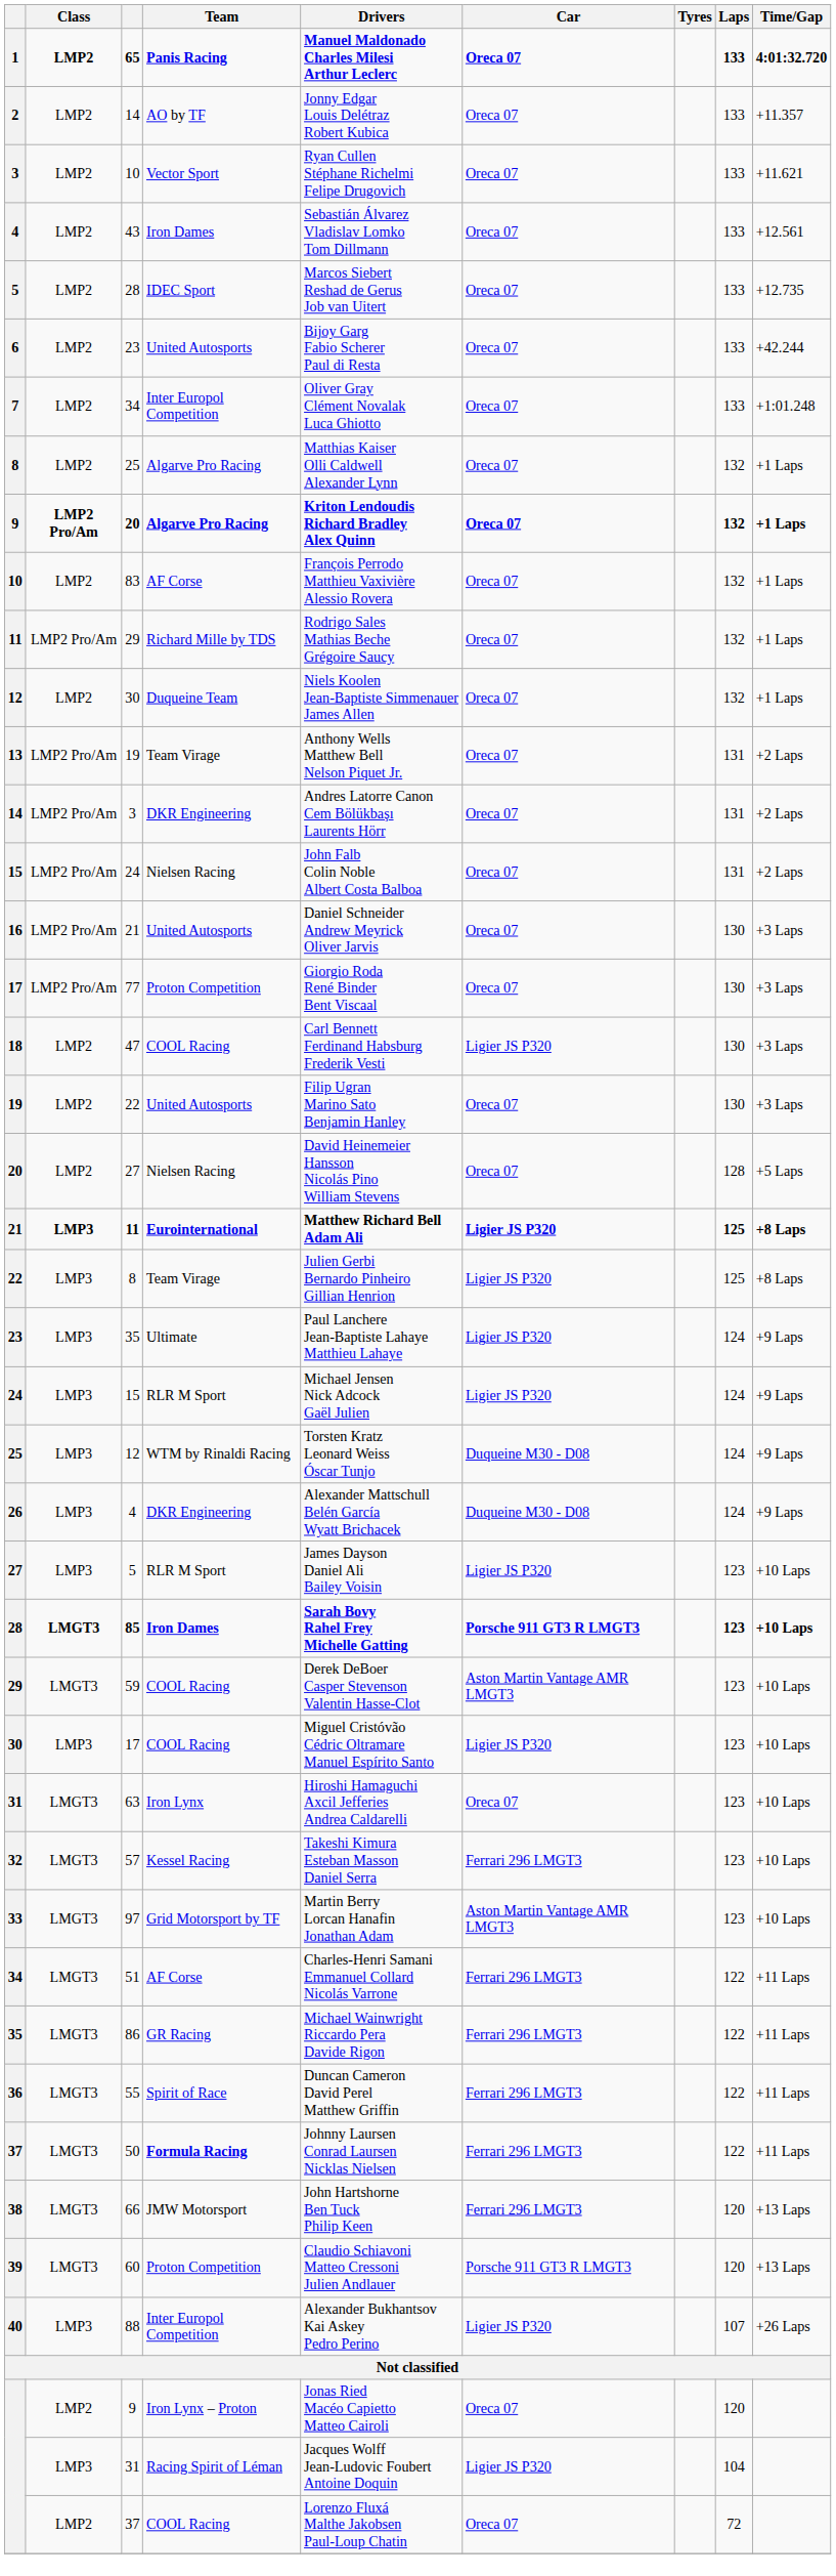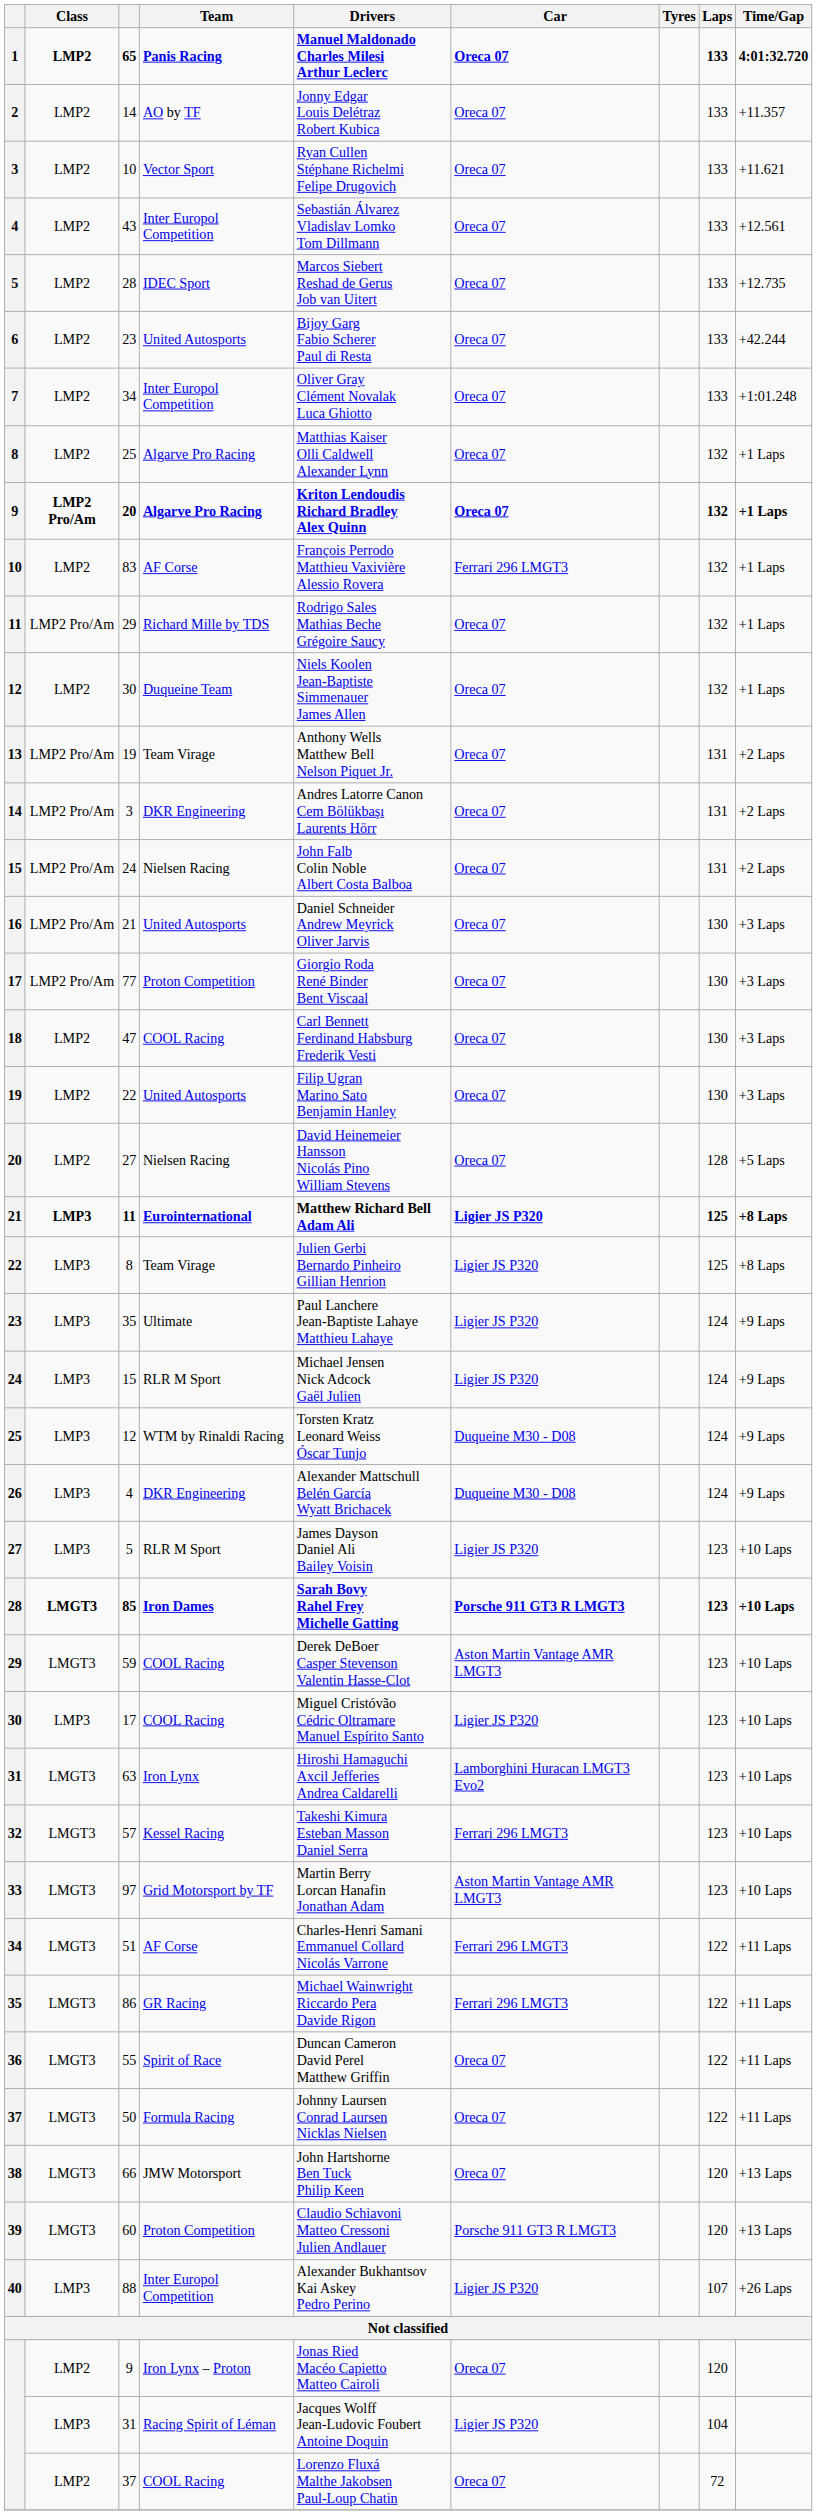 <table class="wikitable" style="font-size:95%;">
 <tr>
 <th></th>
 <th>Class</th>
 <th></th>
 <th>Team</th>
 <th>Drivers</th>
 <th>Car</th>
 <th>Tyres</th>
 <th>Laps</th>
 <th>Time/Gap</th>
 </tr>
 <tr style="font-weight: bold;">
 <th>1</th>
 <td align="center">LMP2</td>
 <td align="center">65</td>
 <td> <a href='#'>Panis Racing</a></td>
 <td> <a href='#'>Manuel Maldonado</a><br> <a href='#'>Charles Milesi</a><br> <a href='#'>Arthur Leclerc</a></td>
 <td><a href='#'>Oreca 07</a></td>
 <td align="center"></td>
 <td align="center">133</td>
 <td align="center">4:01:32.720</td>
 </tr>
 <tr>
 <th>2</th>
 <td align="center">LMP2</td>
 <td align="center">14</td>
 <td> <a href='#'>AO</a> by <a href='#'>TF</a></td>
 <td> <a href='#'>Jonny Edgar</a><br> <a href='#'>Louis Delétraz</a><br> <a href='#'>Robert Kubica</a></td>
 <td><a href='#'>Oreca 07</a></td>
 <td align="center"></td>
 <td align="center">133</td>
 <td>+11.357</td>
 </tr>
 <tr>
 <th>3</th>
 <td align="center">LMP2</td>
 <td align="center">10</td>
 <td> <a href='#'>Vector Sport</a></td>
 <td> <a href='#'>Ryan Cullen</a><br> <a href='#'>Stéphane Richelmi</a><br> <a href='#'>Felipe Drugovich</a></td>
 <td><a href='#'>Oreca 07</a></td>
 <td align="center"></td>
 <td align="center">133</td>
 <td>+11.621</td>
 </tr>
 <tr>
 <th>4</th>
 <td align="center">LMP2</td>
 <td align="center">43</td>
-<td> <a href='#'>Iron Dames</a></td>
+<td> <a href='#'>Inter Europol Competition</a></td>
 <td> <a href='#'>Sebastián Álvarez</a><br> <a href='#'>Vladislav Lomko</a><br> <a href='#'>Tom Dillmann</a></td>
 <td><a href='#'>Oreca 07</a></td>
 <td align="center"></td>
 <td align="center">133</td>
 <td>+12.561</td>
 </tr>
 <tr>
 <th>5</th>
 <td align="center">LMP2</td>
 <td align="center">28</td>
 <td> <a href='#'>IDEC Sport</a></td>
 <td> <a href='#'>Marcos Siebert</a><br> <a href='#'>Reshad de Gerus</a><br> <a href='#'>Job van Uitert</a></td>
 <td><a href='#'>Oreca 07</a></td>
 <td align="center"></td>
 <td align="center">133</td>
 <td>+12.735</td>
 </tr>
 <tr>
 <th>6</th>
 <td align="center">LMP2</td>
 <td align="center">23</td>
 <td> <a href='#'>United Autosports</a></td>
 <td> <a href='#'>Bijoy Garg</a><br> <a href='#'>Fabio Scherer</a><br> <a href='#'>Paul di Resta</a></td>
 <td><a href='#'>Oreca 07</a></td>
 <td align="center"></td>
 <td align="center">133</td>
 <td>+42.244</td>
 </tr>
 <tr>
 <th>7</th>
 <td align="center">LMP2</td>
 <td align="center">34</td>
 <td> <a href='#'>Inter Europol Competition</a></td>
 <td> <a href='#'>Oliver Gray</a><br> <a href='#'>Clément Novalak</a><br> <a href='#'>Luca Ghiotto</a></td>
 <td><a href='#'>Oreca 07</a></td>
 <td align="center"></td>
 <td align="center">133</td>
 <td>+1:01.248</td>
 </tr>
 <tr>
 <th>8</th>
 <td align="center">LMP2</td>
 <td align="center">25</td>
 <td> <a href='#'>Algarve Pro Racing</a></td>
 <td> <a href='#'>Matthias Kaiser</a><br> <a href='#'>Olli Caldwell</a><br> <a href='#'>Alexander Lynn</a></td>
 <td><a href='#'>Oreca 07</a></td>
 <td align="center"></td>
 <td align="center">132</td>
 <td>+1 Laps</td>
 </tr>
 <tr style="font-weight: bold;">
 <th>9</th>
 <td align="center">LMP2 Pro/Am</td>
 <td align="center">20</td>
 <td> <a href='#'>Algarve Pro Racing</a></td>
 <td> <a href='#'>Kriton Lendoudis</a><br> <a href='#'>Richard Bradley</a><br> <a href='#'>Alex Quinn</a></td>
 <td><a href='#'>Oreca 07</a></td>
 <td align="center"></td>
 <td align="center">132</td>
 <td>+1 Laps</td>
 </tr>
 <tr>
 <th>10</th>
 <td align="center">LMP2</td>
 <td align="center">83</td>
 <td> <a href='#'>AF Corse</a></td>
 <td> <a href='#'>François Perrodo</a><br> <a href='#'>Matthieu Vaxivière</a><br> <a href='#'>Alessio Rovera</a></td>
-<td><a href='#'>Oreca 07</a></td>
+<td><a href='#'>Ferrari 296 LMGT3</a></td>
 <td align="center"></td>
 <td align="center">132</td>
 <td>+1 Laps</td>
 </tr>
 <tr>
 <th>11</th>
 <td align="center">LMP2 Pro/Am</td>
 <td align="center">29</td>
 <td> <a href='#'>Richard Mille by TDS</a></td>
 <td> <a href='#'>Rodrigo Sales</a><br> <a href='#'>Mathias Beche</a><br> <a href='#'>Grégoire Saucy</a></td>
 <td><a href='#'>Oreca 07</a></td>
 <td align="center"></td>
 <td align="center">132</td>
 <td>+1 Laps</td>
 </tr>
 <tr>
 <th>12</th>
 <td align="center">LMP2</td>
 <td align="center">30</td>
 <td> <a href='#'>Duqueine Team</a></td>
 <td> <a href='#'>Niels Koolen</a><br> <a href='#'>Jean-Baptiste Simmenauer</a><br> <a href='#'>James Allen</a></td>
 <td><a href='#'>Oreca 07</a></td>
 <td align="center"></td>
 <td align="center">132</td>
 <td>+1 Laps</td>
 </tr>
 <tr>
 <th>13</th>
 <td align="center">LMP2 Pro/Am</td>
 <td align="center">19</td>
 <td> Team Virage</td>
 <td> Anthony Wells<br> Matthew Bell<br> <a href='#'>Nelson Piquet Jr.</a></td>
 <td><a href='#'>Oreca 07</a></td>
 <td align="center"></td>
 <td align="center">131</td>
 <td>+2 Laps</td>
 </tr>
 <tr>
 <th>14</th>
 <td align="center">LMP2 Pro/Am</td>
 <td align="center">3</td>
 <td> <a href='#'>DKR Engineering</a></td>
 <td> Andres Latorre Canon<br> <a href='#'>Cem Bölükbaşı</a><br> <a href='#'>Laurents Hörr</a></td>
 <td><a href='#'>Oreca 07</a></td>
 <td align="center"></td>
 <td align="center">131</td>
 <td>+2 Laps</td>
 </tr>
 <tr>
 <th>15</th>
 <td align="center">LMP2 Pro/Am</td>
 <td align="center">24</td>
 <td> Nielsen Racing</td>
 <td> <a href='#'>John Falb</a><br> Colin Noble<br> <a href='#'>Albert Costa Balboa</a></td>
 <td><a href='#'>Oreca 07</a></td>
 <td align="center"></td>
 <td align="center">131</td>
 <td>+2 Laps</td>
 </tr>
 <tr>
 <th>16</th>
 <td align="center">LMP2 Pro/Am</td>
 <td align="center">21</td>
 <td> <a href='#'>United Autosports</a></td>
 <td> Daniel Schneider<br> <a href='#'>Andrew Meyrick</a><br> <a href='#'>Oliver Jarvis</a></td>
 <td><a href='#'>Oreca 07</a></td>
 <td align="center"></td>
 <td align="center">130</td>
 <td>+3 Laps</td>
 </tr>
 <tr>
 <th>17</th>
 <td align="center">LMP2 Pro/Am</td>
 <td align="center">77</td>
 <td> <a href='#'>Proton Competition</a></td>
 <td> <a href='#'>Giorgio Roda</a><br> <a href='#'>René Binder</a><br> <a href='#'>Bent Viscaal</a></td>
 <td><a href='#'>Oreca 07</a></td>
 <td align="center"></td>
 <td align="center">130</td>
 <td>+3 Laps</td>
 </tr>
 <tr>
 <th>18</th>
 <td align="center">LMP2</td>
 <td align="center">47</td>
 <td> <a href='#'>COOL Racing</a></td>
 <td> <a href='#'>Carl Bennett</a><br> <a href='#'>Ferdinand Habsburg</a><br> <a href='#'>Frederik Vesti</a></td>
-<td><a href='#'>Ligier JS P320</a></td>
+<td><a href='#'>Oreca 07</a></td>
 <td align="center"></td>
 <td align="center">130</td>
 <td>+3 Laps</td>
 </tr>
 <tr>
 <th>19</th>
 <td align="center">LMP2</td>
 <td align="center">22</td>
 <td> <a href='#'>United Autosports</a></td>
 <td> <a href='#'>Filip Ugran</a><br> <a href='#'>Marino Sato</a><br> <a href='#'>Benjamin Hanley</a></td>
 <td><a href='#'>Oreca 07</a></td>
 <td align="center"></td>
 <td align="center">130</td>
 <td>+3 Laps</td>
 </tr>
 <tr>
 <th>20</th>
 <td align="center">LMP2</td>
 <td align="center">27</td>
 <td> Nielsen Racing</td>
 <td> <a href='#'>David Heinemeier Hansson</a><br> <a href='#'>Nicolás Pino</a><br> <a href='#'>William Stevens</a></td>
 <td><a href='#'>Oreca 07</a></td>
 <td align="center"></td>
 <td align="center">128</td>
 <td>+5 Laps</td>
 </tr>
 <tr style="font-weight: bold;">
 <th>21</th>
 <td align="center">LMP3</td>
 <td align="center">11</td>
 <td> <a href='#'>Eurointernational</a></td>
 <td> Matthew Richard Bell<br> <a href='#'>Adam Ali</a></td>
 <td><a href='#'>Ligier JS P320</a></td>
 <td align="center"></td>
 <td align="center">125</td>
 <td>+8 Laps</td>
 </tr>
 <tr>
 <th>22</th>
 <td align="center">LMP3</td>
 <td align="center">8</td>
 <td> Team Virage</td>
 <td> <a href='#'>Julien Gerbi</a><br> <a href='#'>Bernardo Pinheiro</a><br> <a href='#'>Gillian Henrion</a></td>
 <td><a href='#'>Ligier JS P320</a></td>
 <td align="center"></td>
 <td align="center">125</td>
 <td>+8 Laps</td>
 </tr>
 <tr>
 <th>23</th>
 <td align="center">LMP3</td>
 <td align="center">35</td>
 <td> Ultimate</td>
 <td> Paul Lanchere<br> Jean-Baptiste Lahaye<br> <a href='#'>Matthieu Lahaye</a></td>
 <td><a href='#'>Ligier JS P320</a></td>
 <td align="center"></td>
 <td align="center">124</td>
 <td>+9 Laps</td>
 </tr>
 <tr>
 <th>24</th>
 <td align="center">LMP3</td>
 <td align="center">15</td>
 <td> RLR M Sport</td>
 <td> Michael Jensen<br> Nick Adcock<br> <a href='#'>Gaël Julien</a></td>
 <td><a href='#'>Ligier JS P320</a></td>
 <td align="center"></td>
 <td align="center">124</td>
 <td>+9 Laps</td>
 </tr>
 <tr>
 <th>25</th>
 <td align="center">LMP3</td>
 <td align="center">12</td>
 <td> WTM by Rinaldi Racing</td>
 <td> Torsten Kratz<br> Leonard Weiss<br> <a href='#'>Óscar Tunjo</a></td>
 <td><a href='#'>Duqueine M30 - D08</a></td>
 <td align="center"></td>
 <td align="center">124</td>
 <td>+9 Laps</td>
 </tr>
 <tr>
 <th>26</th>
 <td align="center">LMP3</td>
 <td align="center">4</td>
 <td> <a href='#'>DKR Engineering</a></td>
 <td> Alexander Mattschull<br> <a href='#'>Belén García</a><br> <a href='#'>Wyatt Brichacek</a></td>
 <td><a href='#'>Duqueine M30 - D08</a></td>
 <td align="center"></td>
 <td align="center">124</td>
 <td>+9 Laps</td>
 </tr>
 <tr>
 <th>27</th>
 <td align="center">LMP3</td>
 <td align="center">5</td>
 <td> RLR M Sport</td>
 <td> James Dayson<br> Daniel Ali<br> <a href='#'>Bailey Voisin</a></td>
 <td><a href='#'>Ligier JS P320</a></td>
 <td align="center"></td>
 <td align="center">123</td>
 <td>+10 Laps</td>
 </tr>
 <tr style="font-weight: bold;">
 <th>28</th>
 <td align="center">LMGT3</td>
 <td align="center">85</td>
 <td> <a href='#'>Iron Dames</a></td>
 <td> <a href='#'>Sarah Bovy</a><br> <a href='#'>Rahel Frey</a><br> <a href='#'>Michelle Gatting</a></td>
 <td><a href='#'>Porsche 911 GT3 R LMGT3</a></td>
 <td align="center"></td>
 <td align="center">123</td>
 <td>+10 Laps</td>
 </tr>
 <tr>
 <th>29</th>
 <td align="center">LMGT3</td>
 <td align="center">59</td>
 <td> <a href='#'>COOL Racing</a></td>
 <td> Derek DeBoer<br> <a href='#'>Casper Stevenson</a><br> <a href='#'>Valentin Hasse-Clot</a></td>
 <td><a href='#'>Aston Martin Vantage AMR LMGT3</a></td>
 <td align="center"></td>
 <td align="center">123</td>
 <td>+10 Laps</td>
 </tr>
 <tr>
 <th>30</th>
 <td align="center">LMP3</td>
 <td align="center">17</td>
 <td> <a href='#'>COOL Racing</a></td>
 <td> Miguel Cristóvão<br> <a href='#'>Cédric Oltramare</a><br> <a href='#'>Manuel Espírito Santo</a></td>
 <td><a href='#'>Ligier JS P320</a></td>
 <td align="center"></td>
 <td align="center">123</td>
 <td>+10 Laps</td>
 </tr>
 <tr>
 <th>31</th>
 <td align="center">LMGT3</td>
 <td align="center">63</td>
 <td> <a href='#'>Iron Lynx</a></td>
 <td> <a href='#'>Hiroshi Hamaguchi</a><br> <a href='#'>Axcil Jefferies</a><br> <a href='#'>Andrea Caldarelli</a></td>
-<td><a href='#'>Oreca 07</a></td>
+<td><a href='#'>Lamborghini Huracan LMGT3 Evo2</a></td>
 <td align="center"></td>
 <td align="center">123</td>
 <td>+10 Laps</td>
 </tr>
 <tr>
 <th>32</th>
 <td align="center">LMGT3</td>
 <td align="center">57</td>
 <td> <a href='#'>Kessel Racing</a></td>
 <td> <a href='#'>Takeshi Kimura</a><br> <a href='#'>Esteban Masson</a><br> <a href='#'>Daniel Serra</a></td>
 <td><a href='#'>Ferrari 296 LMGT3</a></td>
 <td align="center"></td>
 <td align="center">123</td>
 <td>+10 Laps</td>
 </tr>
 <tr>
 <th>33</th>
 <td align="center">LMGT3</td>
 <td align="center">97</td>
 <td> <a href='#'>Grid Motorsport by TF</a></td>
 <td> Martin Berry<br> Lorcan Hanafin<br> <a href='#'>Jonathan Adam</a></td>
 <td><a href='#'>Aston Martin Vantage AMR LMGT3</a></td>
 <td align="center"></td>
 <td align="center">123</td>
 <td>+10 Laps</td>
 </tr>
 <tr>
 <th>34</th>
 <td align="center">LMGT3</td>
 <td align="center">51</td>
 <td> <a href='#'>AF Corse</a></td>
 <td> Charles-Henri Samani<br> <a href='#'>Emmanuel Collard</a><br> <a href='#'>Nicolás Varrone</a></td>
 <td><a href='#'>Ferrari 296 LMGT3</a></td>
 <td align="center"></td>
 <td align="center">122</td>
 <td>+11 Laps</td>
 </tr>
 <tr>
 <th>35</th>
 <td align="center">LMGT3</td>
 <td align="center">86</td>
 <td> <a href='#'>GR Racing</a></td>
 <td> <a href='#'>Michael Wainwright</a><br> <a href='#'>Riccardo Pera</a><br> <a href='#'>Davide Rigon</a></td>
 <td><a href='#'>Ferrari 296 LMGT3</a></td>
 <td align="center"></td>
 <td align="center">122</td>
 <td>+11 Laps</td>
 </tr>
 <tr>
 <th>36</th>
 <td align="center">LMGT3</td>
 <td align="center">55</td>
 <td> <a href='#'>Spirit of Race</a></td>
 <td> Duncan Cameron<br> David Perel<br> Matthew Griffin</td>
-<td><a href='#'>Ferrari 296 LMGT3</a></td>
+<td><a href='#'>Oreca 07</a></td>
 <td align="center"></td>
 <td align="center">122</td>
 <td>+11 Laps</td>
 </tr>
 <tr>
 <th>37</th>
 <td align="center">LMGT3</td>
 <td align="center">50</td>
-<td><strong> <a href='#'>Formula Racing</a></strong></td>
+<td> <a href='#'>Formula Racing</a></td>
 <td> Johnny Laursen<br> <a href='#'>Conrad Laursen</a><br> <a href='#'>Nicklas Nielsen</a></td>
-<td><a href='#'>Ferrari 296 LMGT3</a></td>
+<td><a href='#'>Oreca 07</a></td>
 <td align="center"></td>
 <td align="center">122</td>
 <td>+11 Laps</td>
 </tr>
 <tr>
 <th>38</th>
 <td align="center">LMGT3</td>
 <td align="center">66</td>
 <td> JMW Motorsport</td>
 <td> John Hartshorne<br> <a href='#'>Ben Tuck</a><br> <a href='#'>Philip Keen</a></td>
-<td><a href='#'>Ferrari 296 LMGT3</a></td>
+<td><a href='#'>Oreca 07</a></td>
 <td align="center"></td>
 <td align="center">120</td>
 <td>+13 Laps</td>
 </tr>
 <tr>
 <th>39</th>
 <td align="center">LMGT3</td>
 <td align="center">60</td>
 <td> <a href='#'>Proton Competition</a></td>
 <td> <a href='#'>Claudio Schiavoni</a><br> <a href='#'>Matteo Cressoni</a><br> <a href='#'>Julien Andlauer</a></td>
 <td><a href='#'>Porsche 911 GT3 R LMGT3</a></td>
 <td align="center"></td>
 <td align="center">120</td>
 <td>+13 Laps</td>
 </tr>
 <tr>
 <th>40</th>
 <td align="center">LMP3</td>
 <td align="center">88</td>
 <td> <a href='#'>Inter Europol Competition</a></td>
 <td> Alexander Bukhantsov<br> Kai Askey<br> <a href='#'>Pedro Perino</a></td>
 <td><a href='#'>Ligier JS P320</a></td>
 <td align="center"></td>
 <td align="center">107</td>
 <td>+26 Laps</td>
 </tr>
 <tr>
 <th colspan="9">Not classified</th>
 </tr>
 <tr>
 <th rowspan="3"></th>
 <td align="center">LMP2</td>
 <td align="center">9</td>
 <td> <a href='#'>Iron Lynx</a> – <a href='#'>Proton</a></td>
 <td> <a href='#'>Jonas Ried</a><br> <a href='#'>Macéo Capietto</a><br> <a href='#'>Matteo Cairoli</a></td>
 <td><a href='#'>Oreca 07</a></td>
 <td align="center"></td>
 <td align="center">120</td>
 <td></td>
 </tr>
 <tr>
 <td align="center">LMP3</td>
 <td align="center">31</td>
 <td> <a href='#'>Racing Spirit of Léman</a></td>
 <td> Jacques Wolff<br> Jean-Ludovic Foubert<br> <a href='#'>Antoine Doquin</a></td>
 <td><a href='#'>Ligier JS P320</a></td>
 <td align="center"></td>
 <td align="center">104</td>
 <td></td>
 </tr>
 <tr>
 <td align="center">LMP2</td>
 <td align="center">37</td>
 <td> <a href='#'>COOL Racing</a></td>
 <td> <a href='#'>Lorenzo Fluxá</a><br> <a href='#'>Malthe Jakobsen</a><br> <a href='#'>Paul-Loup Chatin</a></td>
 <td><a href='#'>Oreca 07</a></td>
 <td align="center"></td>
 <td align="center">72</td>
 <td></td>
 </tr>
 <tr>
 </tr>
 </table>
